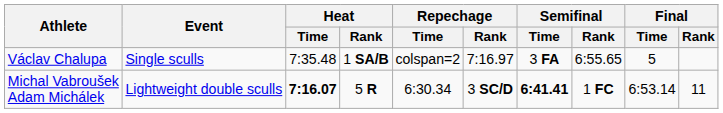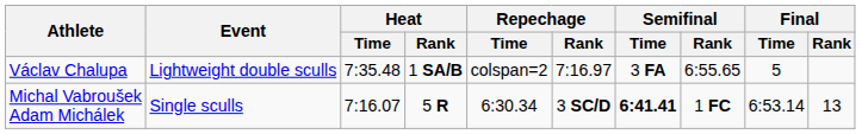 <table class=wikitable style=font-size:90%;text-align:center>
 <tr>
 <th rowspan=2>Athlete</th>
 <th rowspan=2>Event</th>
 <th colspan=2>Heat</th>
 <th colspan=2>Repechage</th>
 <th colspan=2>Semifinal</th>
 <th colspan=2>Final</th>
 </tr>
 <tr style=font-size:95%>
 <th>Time</th>
 <th>Rank</th>
 <th>Time</th>
 <th>Rank</th>
 <th>Time</th>
 <th>Rank</th>
 <th>Time</th>
 <th>Rank</th>
 </tr>
 <tr>
 <td align=left><a href='#'>Václav Chalupa</a></td>
-<td align=left><a href='#'>Single sculls</a></td>
+<td align=left><a href='#'>Lightweight double sculls</a></td>
 <td>7:35.48</td>
 <td>1 <strong>SA/B</strong></td>
 <td>colspan=2 </td>
 <td>7:16.97</td>
 <td>3 <strong>FA</strong></td>
 <td>6:55.65</td>
 <td>5</td>
 </tr>
 <tr>
 <td align=left><a href='#'>Michal Vabroušek</a><br><a href='#'>Adam Michálek</a></td>
-<td align=left><a href='#'>Lightweight double sculls</a></td>
-<td><strong>7:16.07</strong></td>
+<td align=left><a href='#'>Single sculls</a></td>
+<td>7:16.07</td>
 <td>5 <strong>R</strong></td>
 <td>6:30.34</td>
 <td>3 <strong>SC/D</strong></td>
 <td><strong>6:41.41</strong></td>
 <td>1 <strong>FC</strong></td>
 <td>6:53.14</td>
-<td>11</td>
+<td>13</td>
 </tr>
 </table>
